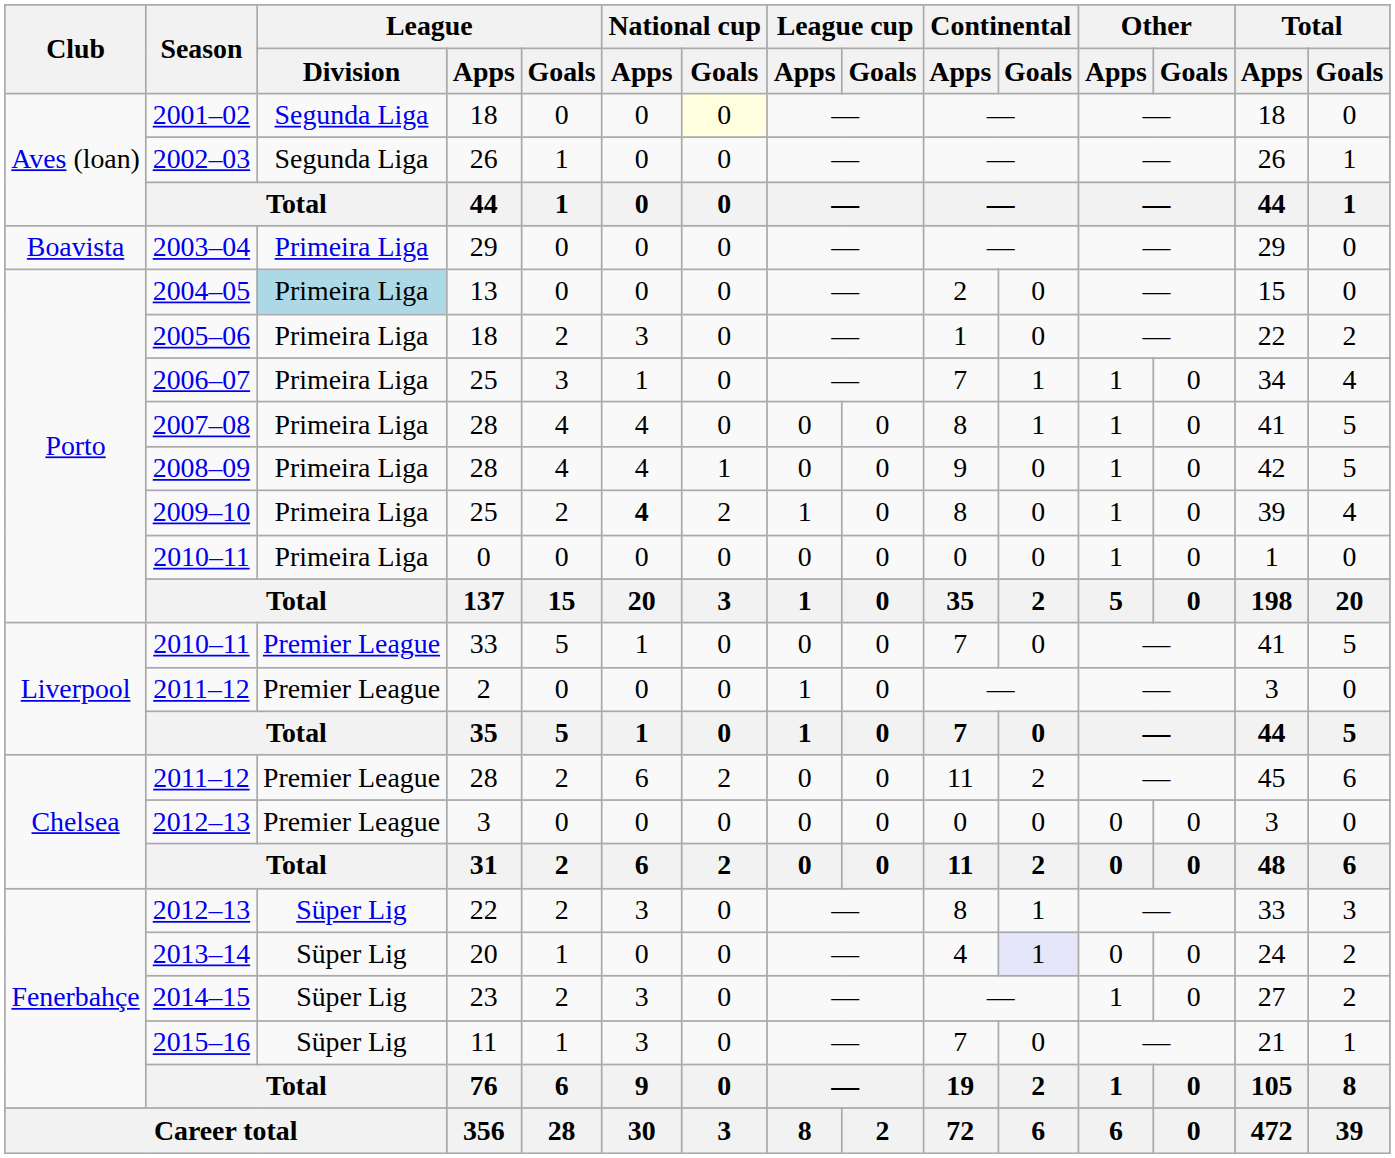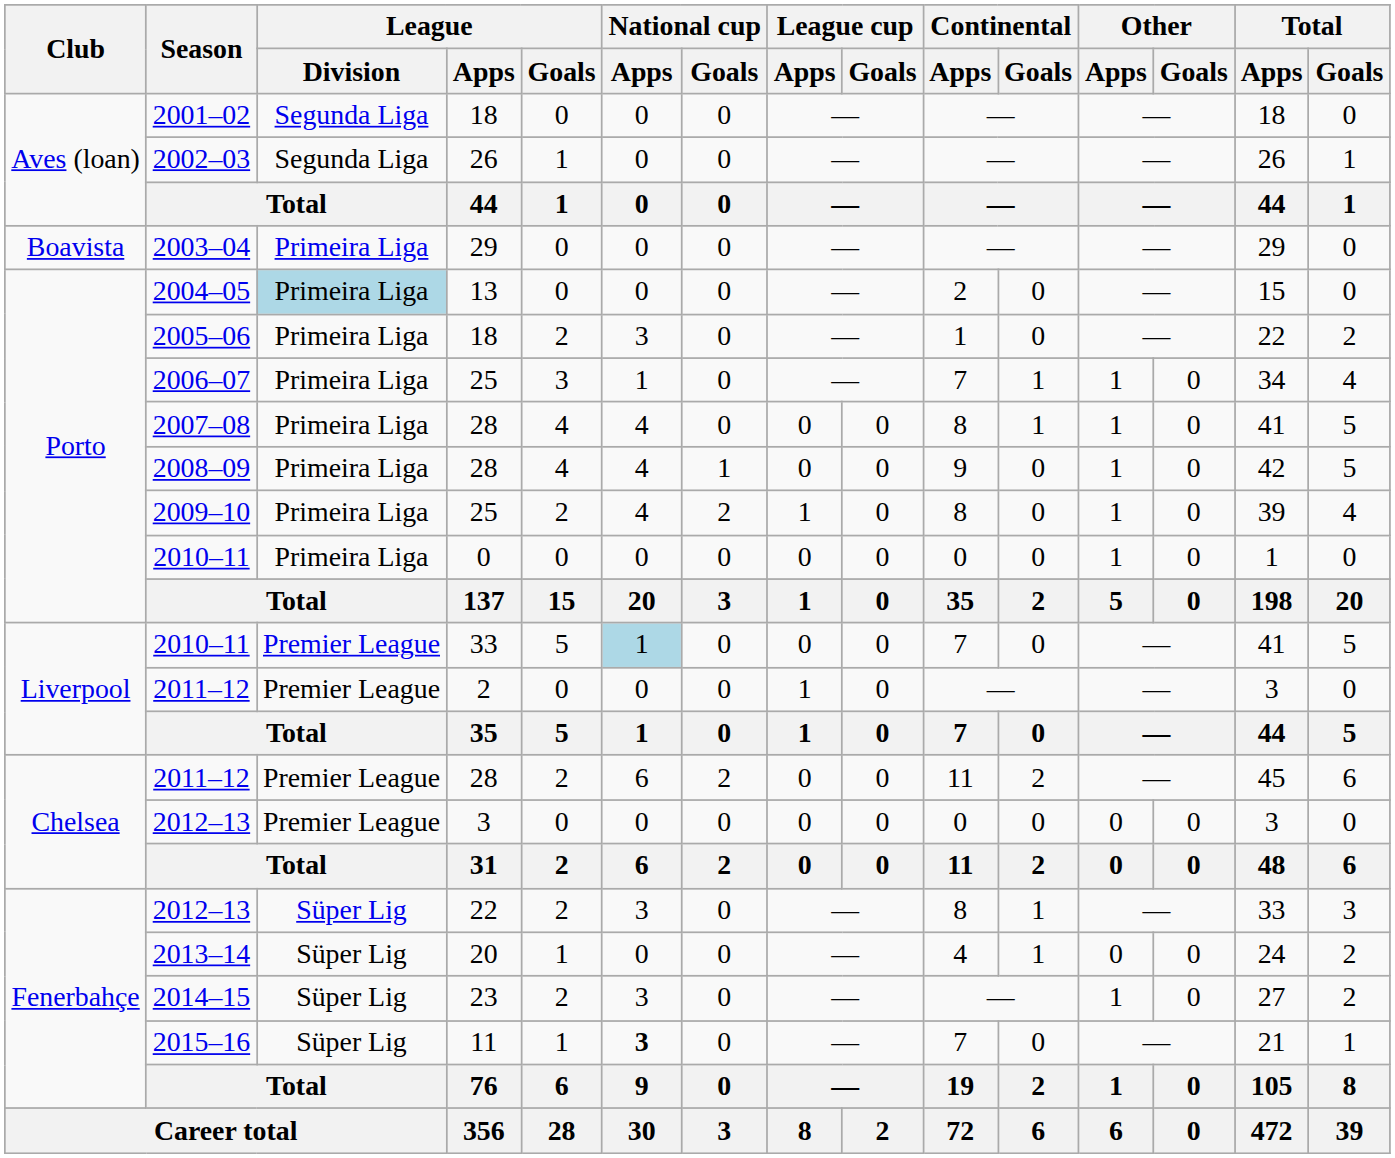 <table class="wikitable" style="text-align:center">
 <tr>
 <th rowspan="2">Club</th>
 <th rowspan="2">Season</th>
 <th colspan="3">League</th>
 <th colspan="2">National cup</th>
 <th colspan="2">League cup</th>
 <th colspan="2">Continental</th>
 <th colspan="2">Other</th>
 <th colspan="2">Total</th>
 </tr>
 <tr>
 <th>Division</th>
 <th>Apps</th>
 <th>Goals</th>
 <th>Apps</th>
 <th>Goals</th>
 <th>Apps</th>
 <th>Goals</th>
 <th>Apps</th>
 <th>Goals</th>
 <th>Apps</th>
 <th>Goals</th>
 <th>Apps</th>
 <th>Goals</th>
 </tr>
 <tr>
 <td rowspan="3"><a href='#'>Aves</a> (loan)</td>
 <td><a href='#'>2001–02</a></td>
 <td><a href='#'>Segunda Liga</a></td>
 <td>18</td>
 <td>0</td>
 <td>0</td>
-<td style="background: lightyellow;">0</td>
+<td>0</td>
 <td colspan="2">—</td>
 <td colspan="2">—</td>
 <td colspan="2">—</td>
 <td>18</td>
 <td>0</td>
 </tr>
 <tr>
 <td><a href='#'>2002–03</a></td>
 <td>Segunda Liga</td>
 <td>26</td>
 <td>1</td>
 <td>0</td>
 <td>0</td>
 <td colspan="2">—</td>
 <td colspan="2">—</td>
 <td colspan="2">—</td>
 <td>26</td>
 <td>1</td>
 </tr>
 <tr>
 <th colspan="2">Total</th>
 <th>44</th>
 <th>1</th>
 <th>0</th>
 <th>0</th>
 <th colspan="2">—</th>
 <th colspan="2">—</th>
 <th colspan="2">—</th>
 <th>44</th>
 <th>1</th>
 </tr>
 <tr>
 <td><a href='#'>Boavista</a></td>
 <td><a href='#'>2003–04</a></td>
 <td><a href='#'>Primeira Liga</a></td>
 <td>29</td>
 <td>0</td>
 <td>0</td>
 <td>0</td>
 <td colspan="2">—</td>
 <td colspan="2">—</td>
 <td colspan="2">—</td>
 <td>29</td>
 <td>0</td>
 </tr>
 <tr>
 <td rowspan="8"><a href='#'>Porto</a></td>
 <td><a href='#'>2004–05</a></td>
 <td style="background: lightblue;">Primeira Liga</td>
 <td>13</td>
 <td>0</td>
 <td>0</td>
 <td>0</td>
 <td colspan="2">—</td>
 <td>2</td>
 <td>0</td>
 <td colspan="2">—</td>
 <td>15</td>
 <td>0</td>
 </tr>
 <tr>
 <td><a href='#'>2005–06</a></td>
 <td>Primeira Liga</td>
 <td>18</td>
 <td>2</td>
 <td>3</td>
 <td>0</td>
 <td colspan="2">—</td>
 <td>1</td>
 <td>0</td>
 <td colspan="2">—</td>
 <td>22</td>
 <td>2</td>
 </tr>
 <tr>
 <td><a href='#'>2006–07</a></td>
 <td>Primeira Liga</td>
 <td>25</td>
 <td>3</td>
 <td>1</td>
 <td>0</td>
 <td colspan="2">—</td>
 <td>7</td>
 <td>1</td>
 <td>1</td>
 <td>0</td>
 <td>34</td>
 <td>4</td>
 </tr>
 <tr>
 <td><a href='#'>2007–08</a></td>
 <td>Primeira Liga</td>
 <td>28</td>
 <td>4</td>
 <td>4</td>
 <td>0</td>
 <td>0</td>
 <td>0</td>
 <td>8</td>
 <td>1</td>
 <td>1</td>
 <td>0</td>
 <td>41</td>
 <td>5</td>
 </tr>
 <tr>
 <td><a href='#'>2008–09</a></td>
 <td>Primeira Liga</td>
 <td>28</td>
 <td>4</td>
 <td>4</td>
 <td>1</td>
 <td>0</td>
 <td>0</td>
 <td>9</td>
 <td>0</td>
 <td>1</td>
 <td>0</td>
 <td>42</td>
 <td>5</td>
 </tr>
 <tr>
 <td><a href='#'>2009–10</a></td>
 <td>Primeira Liga</td>
 <td>25</td>
 <td>2</td>
-<td><strong>4</strong></td>
+<td>4</td>
 <td>2</td>
 <td>1</td>
 <td>0</td>
 <td>8</td>
 <td>0</td>
 <td>1</td>
 <td>0</td>
 <td>39</td>
 <td>4</td>
 </tr>
 <tr>
 <td><a href='#'>2010–11</a></td>
 <td>Primeira Liga</td>
 <td>0</td>
 <td>0</td>
 <td>0</td>
 <td>0</td>
 <td>0</td>
 <td>0</td>
 <td>0</td>
 <td>0</td>
 <td>1</td>
 <td>0</td>
 <td>1</td>
 <td>0</td>
 </tr>
 <tr>
 <th colspan="2">Total</th>
 <th>137</th>
 <th>15</th>
 <th>20</th>
 <th>3</th>
 <th>1</th>
 <th>0</th>
 <th>35</th>
 <th>2</th>
 <th>5</th>
 <th>0</th>
 <th>198</th>
 <th>20</th>
 </tr>
 <tr>
 <td rowspan="3"><a href='#'>Liverpool</a></td>
 <td><a href='#'>2010–11</a></td>
 <td><a href='#'>Premier League</a></td>
 <td>33</td>
 <td>5</td>
-<td>1</td>
+<td style="background: lightblue;">1</td>
 <td>0</td>
 <td>0</td>
 <td>0</td>
 <td>7</td>
 <td>0</td>
 <td colspan="2">—</td>
 <td>41</td>
 <td>5</td>
 </tr>
 <tr>
 <td><a href='#'>2011–12</a></td>
 <td>Premier League</td>
 <td>2</td>
 <td>0</td>
 <td>0</td>
 <td>0</td>
 <td>1</td>
 <td>0</td>
 <td colspan="2">—</td>
 <td colspan="2">—</td>
 <td>3</td>
 <td>0</td>
 </tr>
 <tr>
 <th colspan="2">Total</th>
 <th>35</th>
 <th>5</th>
 <th>1</th>
 <th>0</th>
 <th>1</th>
 <th>0</th>
 <th>7</th>
 <th>0</th>
 <th colspan="2">—</th>
 <th>44</th>
 <th>5</th>
 </tr>
 <tr>
 <td rowspan="3"><a href='#'>Chelsea</a></td>
 <td><a href='#'>2011–12</a></td>
 <td>Premier League</td>
 <td>28</td>
 <td>2</td>
 <td>6</td>
 <td>2</td>
 <td>0</td>
 <td>0</td>
 <td>11</td>
 <td>2</td>
 <td colspan="2">—</td>
 <td>45</td>
 <td>6</td>
 </tr>
 <tr>
 <td><a href='#'>2012–13</a></td>
 <td>Premier League</td>
 <td>3</td>
 <td>0</td>
 <td>0</td>
 <td>0</td>
 <td>0</td>
 <td>0</td>
 <td>0</td>
 <td>0</td>
 <td>0</td>
 <td>0</td>
 <td>3</td>
 <td>0</td>
 </tr>
 <tr>
 <th colspan="2">Total</th>
 <th>31</th>
 <th>2</th>
 <th>6</th>
 <th>2</th>
 <th>0</th>
 <th>0</th>
 <th>11</th>
 <th>2</th>
 <th>0</th>
 <th>0</th>
 <th>48</th>
 <th>6</th>
 </tr>
 <tr>
 <td rowspan="5"><a href='#'>Fenerbahçe</a></td>
 <td><a href='#'>2012–13</a></td>
 <td><a href='#'>Süper Lig</a></td>
 <td>22</td>
 <td>2</td>
 <td>3</td>
 <td>0</td>
 <td colspan="2">—</td>
 <td>8</td>
 <td>1</td>
 <td colspan="2">—</td>
 <td>33</td>
 <td>3</td>
 </tr>
 <tr>
 <td><a href='#'>2013–14</a></td>
 <td>Süper Lig</td>
 <td>20</td>
 <td>1</td>
 <td>0</td>
 <td>0</td>
 <td colspan="2">—</td>
 <td>4</td>
-<td style="background: lavender;">1</td>
+<td>1</td>
 <td>0</td>
 <td>0</td>
 <td>24</td>
 <td>2</td>
 </tr>
 <tr>
 <td><a href='#'>2014–15</a></td>
 <td>Süper Lig</td>
 <td>23</td>
 <td>2</td>
 <td>3</td>
 <td>0</td>
 <td colspan="2">—</td>
 <td colspan="2">—</td>
 <td>1</td>
 <td>0</td>
 <td>27</td>
 <td>2</td>
 </tr>
 <tr>
 <td><a href='#'>2015–16</a></td>
 <td>Süper Lig</td>
 <td>11</td>
 <td>1</td>
-<td>3</td>
+<td><strong>3</strong></td>
 <td>0</td>
 <td colspan="2">—</td>
 <td>7</td>
 <td>0</td>
 <td colspan="2">—</td>
 <td>21</td>
 <td>1</td>
 </tr>
 <tr>
 <th colspan="2">Total</th>
 <th>76</th>
 <th>6</th>
 <th>9</th>
 <th>0</th>
 <th colspan="2">—</th>
 <th>19</th>
 <th>2</th>
 <th>1</th>
 <th>0</th>
 <th>105</th>
 <th>8</th>
 </tr>
 <tr>
 <th colspan="3">Career total</th>
 <th>356</th>
 <th>28</th>
 <th>30</th>
 <th>3</th>
 <th>8</th>
 <th>2</th>
 <th>72</th>
 <th>6</th>
 <th>6</th>
 <th>0</th>
 <th>472</th>
 <th>39</th>
 </tr>
 </table>
